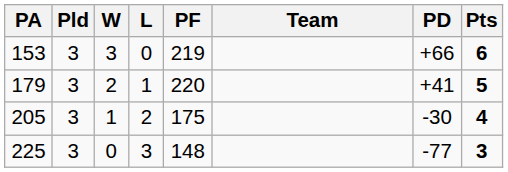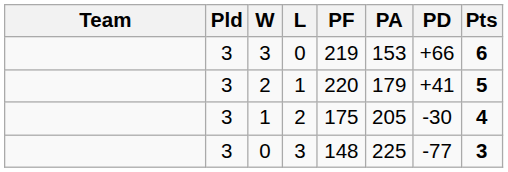 <table class="wikitable" style="text-align:center;">
 <tr>
-<th width=30>PA</th>
+<th width=150>Team</th>
 <th width=20>Pld</th>
 <th width=20>W</th>
 <th width=20>L</th>
 <th width=30>PF</th>
-<th width=150>Team</th>
+<th width=30>PA</th>
 <th width=30>PD</th>
 <th width=20>Pts</th>
 </tr>
 <tr>
-<td>153</td>
+<td align="left"></td>
 <td>3</td>
 <td>3</td>
 <td>0</td>
 <td>219</td>
-<td align="left"></td>
+<td>153</td>
 <td>+66</td>
 <td><strong>6</strong></td>
 </tr>
 <tr>
-<td>179</td>
+<td align="left"></td>
 <td>3</td>
 <td>2</td>
 <td>1</td>
 <td>220</td>
-<td align="left"></td>
+<td>179</td>
 <td>+41</td>
 <td><strong>5</strong></td>
 </tr>
 <tr>
-<td>205</td>
+<td align="left"></td>
 <td>3</td>
 <td>1</td>
 <td>2</td>
 <td>175</td>
-<td align="left"></td>
+<td>205</td>
 <td>-30</td>
 <td><strong>4</strong></td>
 </tr>
 <tr>
-<td>225</td>
+<td align="left"></td>
 <td>3</td>
 <td>0</td>
 <td>3</td>
 <td>148</td>
-<td align="left"></td>
+<td>225</td>
 <td>-77</td>
 <td><strong>3</strong></td>
 </tr>
 </table>
